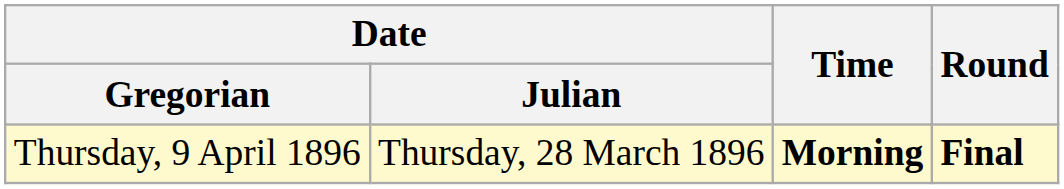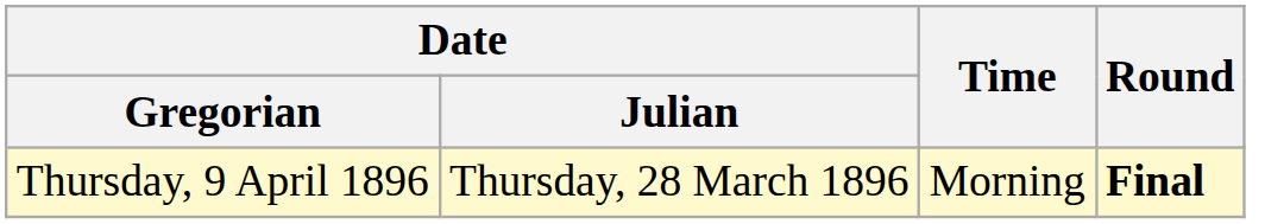 <table class="wikitable">
 <tr>
 <th colspan=2>Date</th>
 <th rowspan=2>Time</th>
 <th rowspan=2>Round</th>
 </tr>
 <tr>
 <th>Gregorian</th>
 <th>Julian</th>
 </tr>
 <tr style=background:lemonchiffon>
 <td>Thursday, 9 April 1896</td>
 <td>Thursday, 28 March 1896</td>
-<td><strong>Morning</strong></td>
+<td>Morning</td>
 <td><strong>Final</strong></td>
 </tr>
 </table>
